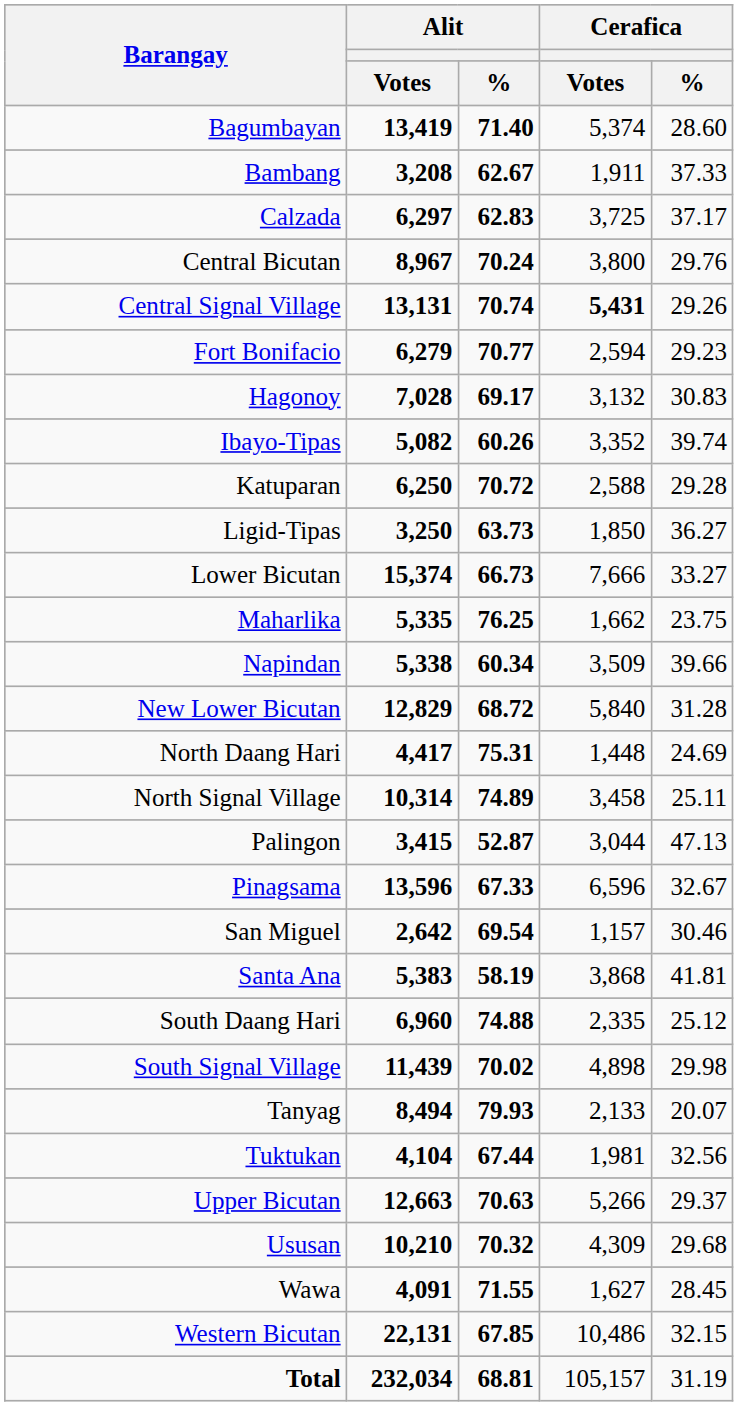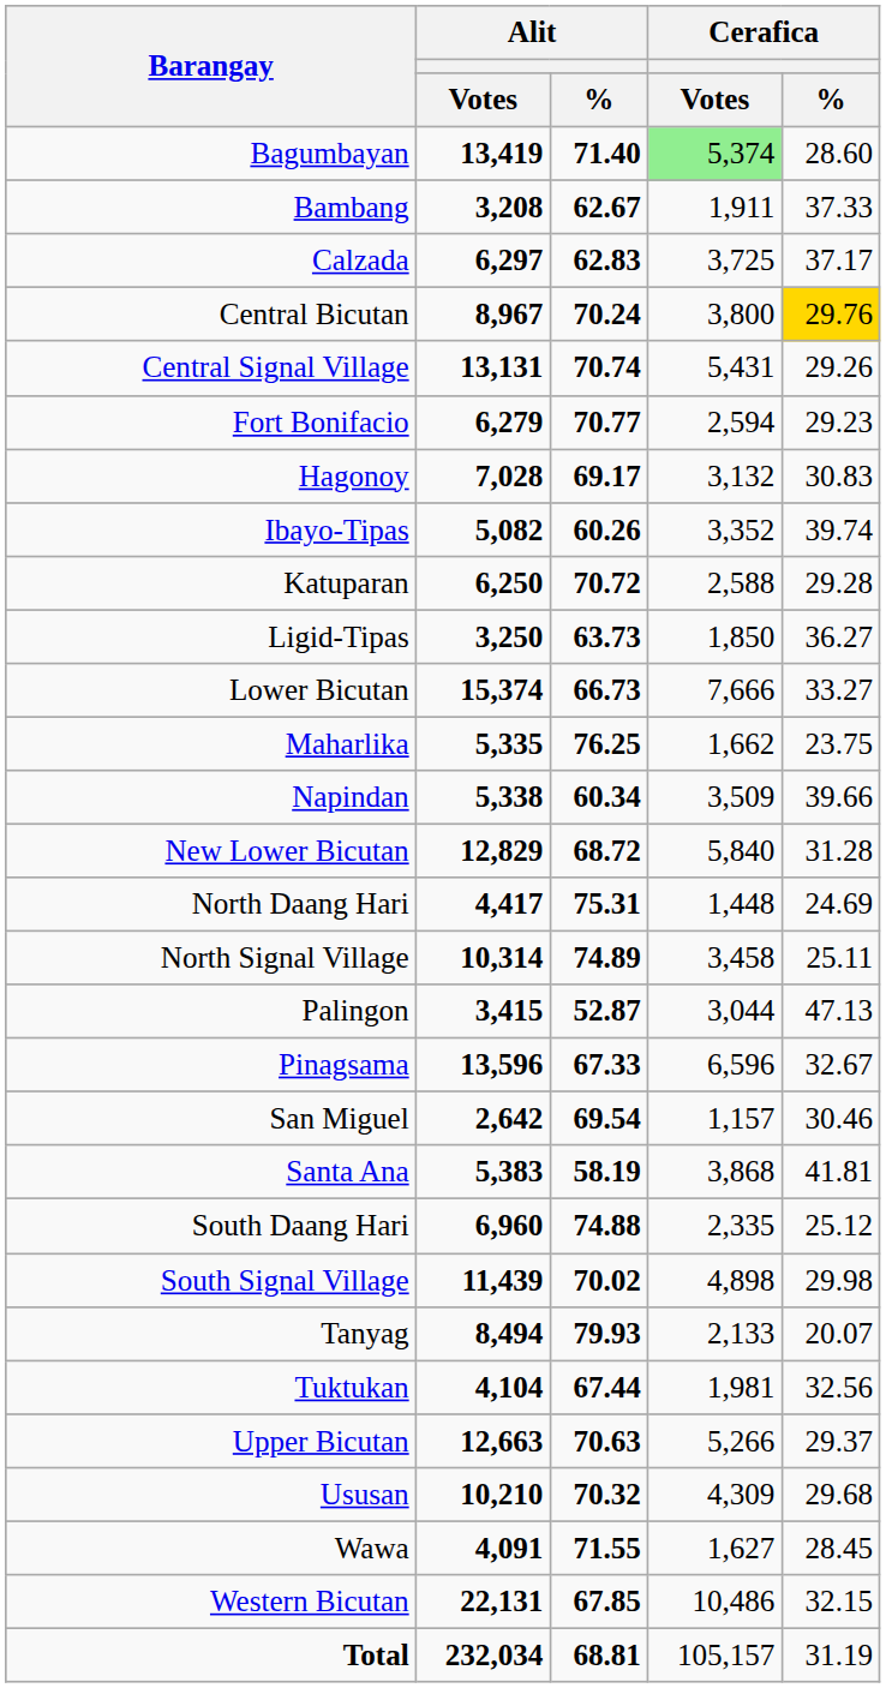 <table class="wikitable collapsible collapsed" style="text-align:right; font-size:95%; line-height:20px;">
 <tr>
 <th rowspan="3" width="200"><a href='#'>Barangay</a></th>
 <th colspan="2" width="110">Alit</th>
 <th colspan="2" width="110">Cerafica</th>
 </tr>
 <tr>
 <th colspan="2" style="background:"></th>
 <th colspan="2" style="background:"></th>
 </tr>
 <tr>
 <th>Votes</th>
 <th>%</th>
 <th>Votes</th>
 <th>%</th>
 </tr>
 <tr>
 <td><a href='#'>Bagumbayan</a></td>
 <td style="background:#"><strong>13,419</strong></td>
 <td style="background:#"><strong>71.40</strong></td>
-<td>5,374</td>
+<td style="background: lightgreen;">5,374</td>
 <td>28.60</td>
 </tr>
 <tr>
 <td><a href='#'>Bambang</a></td>
 <td style="background:#"><strong>3,208</strong></td>
 <td style="background:#"><strong>62.67</strong></td>
 <td>1,911</td>
 <td>37.33</td>
 </tr>
 <tr>
 <td><a href='#'>Calzada</a></td>
 <td style="background:#"><strong>6,297</strong></td>
 <td style="background:#"><strong>62.83</strong></td>
 <td>3,725</td>
 <td>37.17</td>
 </tr>
 <tr>
 <td>Central Bicutan</td>
 <td style="background:#"><strong>8,967</strong></td>
 <td style="background:#"><strong>70.24</strong></td>
 <td>3,800</td>
-<td>29.76</td>
+<td style="background: gold;">29.76</td>
 </tr>
 <tr>
 <td><a href='#'>Central Signal Village</a></td>
 <td style="background:#"><strong>13,131</strong></td>
 <td style="background:#"><strong>70.74</strong></td>
-<td><strong>5,431</strong></td>
+<td>5,431</td>
 <td>29.26</td>
 </tr>
 <tr>
 <td><a href='#'>Fort Bonifacio</a></td>
 <td style="background:#"><strong>6,279</strong></td>
 <td style="background:#"><strong>70.77</strong></td>
 <td>2,594</td>
 <td>29.23</td>
 </tr>
 <tr>
 <td><a href='#'>Hagonoy</a></td>
 <td style="background:#"><strong>7,028</strong></td>
 <td style="background:#"><strong>69.17</strong></td>
 <td>3,132</td>
 <td>30.83</td>
 </tr>
 <tr>
 <td><a href='#'>Ibayo-Tipas</a></td>
 <td style="background:#"><strong>5,082</strong></td>
 <td style="background:#"><strong>60.26</strong></td>
 <td>3,352</td>
 <td>39.74</td>
 </tr>
 <tr>
 <td>Katuparan</td>
 <td style="background:#"><strong>6,250</strong></td>
 <td style="background:#"><strong>70.72</strong></td>
 <td>2,588</td>
 <td>29.28</td>
 </tr>
 <tr>
 <td>Ligid-Tipas</td>
 <td style="background:#"><strong>3,250</strong></td>
 <td style="background:#"><strong>63.73</strong></td>
 <td>1,850</td>
 <td>36.27</td>
 </tr>
 <tr>
 <td>Lower Bicutan</td>
 <td style="background:#"><strong>15,374</strong></td>
 <td style="background:#"><strong>66.73</strong></td>
 <td>7,666</td>
 <td>33.27</td>
 </tr>
 <tr>
 <td><a href='#'>Maharlika</a></td>
 <td style="background:#"><strong>5,335</strong></td>
 <td style="background:#"><strong>76.25</strong></td>
 <td>1,662</td>
 <td>23.75</td>
 </tr>
 <tr>
 <td><a href='#'>Napindan</a></td>
 <td style="background:#"><strong>5,338</strong></td>
 <td style="background:#"><strong>60.34</strong></td>
 <td>3,509</td>
 <td>39.66</td>
 </tr>
 <tr>
 <td><a href='#'>New Lower Bicutan</a></td>
 <td style="background:#"><strong>12,829</strong></td>
 <td style="background:#"><strong>68.72</strong></td>
 <td>5,840</td>
 <td>31.28</td>
 </tr>
 <tr>
 <td>North Daang Hari</td>
 <td style="background:#"><strong>4,417</strong></td>
 <td style="background:#"><strong>75.31</strong></td>
 <td>1,448</td>
 <td>24.69</td>
 </tr>
 <tr>
 <td>North Signal Village</td>
 <td style="background:#"><strong>10,314</strong></td>
 <td style="background:#"><strong>74.89</strong></td>
 <td>3,458</td>
 <td>25.11</td>
 </tr>
 <tr>
 <td>Palingon</td>
 <td style="background:#"><strong>3,415</strong></td>
 <td style="background:#"><strong>52.87</strong></td>
 <td>3,044</td>
 <td>47.13</td>
 </tr>
 <tr>
 <td><a href='#'>Pinagsama</a></td>
 <td style="background:#"><strong>13,596</strong></td>
 <td style="background:#"><strong>67.33</strong></td>
 <td>6,596</td>
 <td>32.67</td>
 </tr>
 <tr>
 <td>San Miguel</td>
 <td style="background:#"><strong>2,642</strong></td>
 <td style="background:#"><strong>69.54</strong></td>
 <td>1,157</td>
 <td>30.46</td>
 </tr>
 <tr>
 <td><a href='#'>Santa Ana</a></td>
 <td style="background:#"><strong>5,383</strong></td>
 <td style="background:#"><strong>58.19</strong></td>
 <td>3,868</td>
 <td>41.81</td>
 </tr>
 <tr>
 <td>South Daang Hari</td>
 <td style="background:#"><strong>6,960</strong></td>
 <td style="background:#"><strong>74.88</strong></td>
 <td>2,335</td>
 <td>25.12</td>
 </tr>
 <tr>
 <td><a href='#'>South Signal Village</a></td>
 <td style="background:#"><strong>11,439</strong></td>
 <td style="background:#"><strong>70.02</strong></td>
 <td>4,898</td>
 <td>29.98</td>
 </tr>
 <tr>
 <td>Tanyag</td>
 <td style="background:#"><strong>8,494</strong></td>
 <td style="background:#"><strong>79.93</strong></td>
 <td>2,133</td>
 <td>20.07</td>
 </tr>
 <tr>
 <td><a href='#'>Tuktukan</a></td>
 <td style="background:#"><strong>4,104</strong></td>
 <td style="background:#"><strong>67.44</strong></td>
 <td>1,981</td>
 <td>32.56</td>
 </tr>
 <tr>
 <td><a href='#'>Upper Bicutan</a></td>
 <td style="background:#"><strong>12,663</strong></td>
 <td style="background:#"><strong>70.63</strong></td>
 <td>5,266</td>
 <td>29.37</td>
 </tr>
 <tr>
 <td><a href='#'>Ususan</a></td>
 <td style="background:#"><strong>10,210</strong></td>
 <td style="background:#"><strong>70.32</strong></td>
 <td>4,309</td>
 <td>29.68</td>
 </tr>
 <tr>
 <td>Wawa</td>
 <td style="background:#"><strong>4,091</strong></td>
 <td style="background:#"><strong>71.55</strong></td>
 <td>1,627</td>
 <td>28.45</td>
 </tr>
 <tr>
 <td><a href='#'>Western Bicutan</a></td>
 <td style="background:#"><strong>22,131</strong></td>
 <td style="background:#"><strong>67.85</strong></td>
 <td>10,486</td>
 <td>32.15</td>
 </tr>
 <tr>
 <td><strong>Total</strong></td>
 <td style="background:#"><strong>232,034</strong></td>
 <td style="background:#"><strong>68.81</strong></td>
 <td>105,157</td>
 <td>31.19</td>
 </tr>
 </table>
